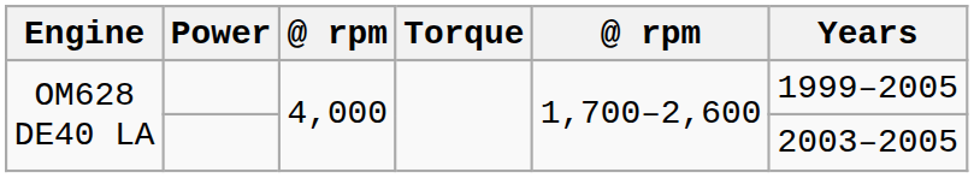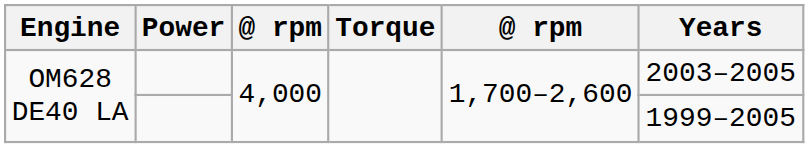 <table class="wikitable sortable" style="text-align: center;">
 <tr>
 <th>Engine</th>
 <th>Power</th>
 <th>@ rpm</th>
 <th>Torque</th>
 <th>@ rpm</th>
 <th>Years</th>
 </tr>
 <tr>
 <td rowspan="2">OM628<br>DE40 LA</td>
 <td></td>
 <td rowspan="2">4,000</td>
 <td rowspan="2"></td>
 <td rowspan="2">1,700–2,600</td>
-<td>1999–2005</td>
+<td>2003–2005</td>
 </tr>
 <tr>
 <td></td>
-<td>2003–2005</td>
+<td>1999–2005</td>
 </tr>
 </table>
